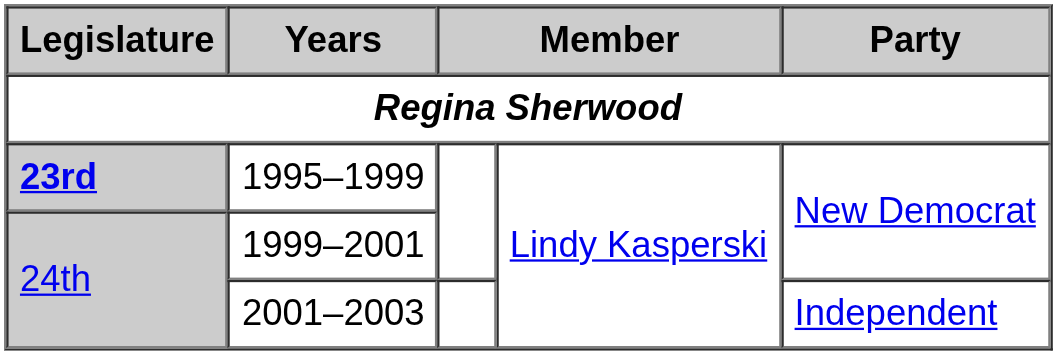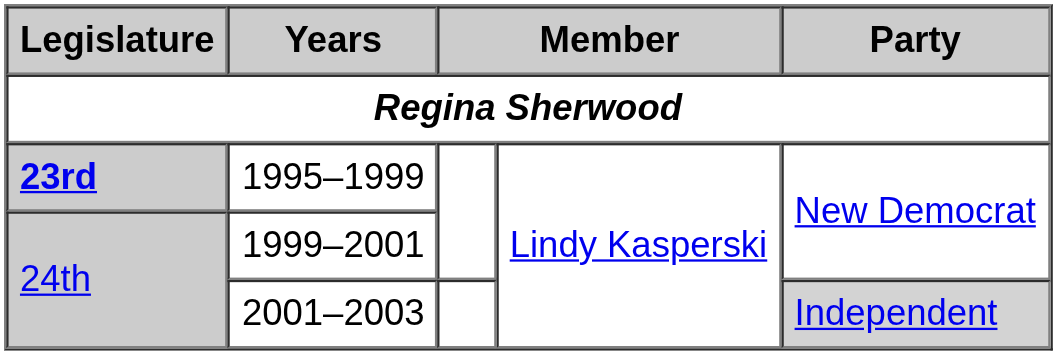 <table border=1 cellpadding=5 cellspacing=0>
 <tr bgcolor="CCCCCC">
 <th>Legislature</th>
 <th>Years</th>
 <th colspan="2">Member</th>
 <th>Party</th>
 </tr>
 <tr>
 <td colspan="5" align="center"><strong><em>Regina Sherwood</em></strong></td>
 </tr>
 <tr>
 <td bgcolor="CCCCCC"><strong><a href='#'>23rd</a></strong></td>
 <td>1995–1999</td>
 <td rowspan="2" >   </td>
 <td rowspan="3"><a href='#'>Lindy Kasperski</a></td>
 <td rowspan="2"><a href='#'>New Democrat</a></td>
 </tr>
 <tr>
 <td rowspan="2" bgcolor="CCCCCC"><a href='#'>24th</a></td>
 <td>1999–2001</td>
 </tr>
 <tr>
 <td>2001–2003</td>
 <td>   </td>
-<td><a href='#'>Independent</a></td>
+<td style="background: lightgrey;"><a href='#'>Independent</a></td>
 </tr>
 </table>
